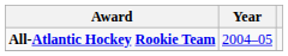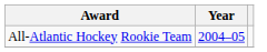 <table class="wikitable">
 <tr>
 <th>Award</th>
 <th>Year</th>
 <th></th>
 </tr>
 <tr>
-<td><strong>All-<a href='#'>Atlantic Hockey</a> <a href='#'>Rookie Team</a></strong></td>
+<td>All-<a href='#'>Atlantic Hockey</a> <a href='#'>Rookie Team</a></td>
 <td><a href='#'>2004–05</a></td>
 <td></td>
 </tr>
 <tr>
 </tr>
 </table>
